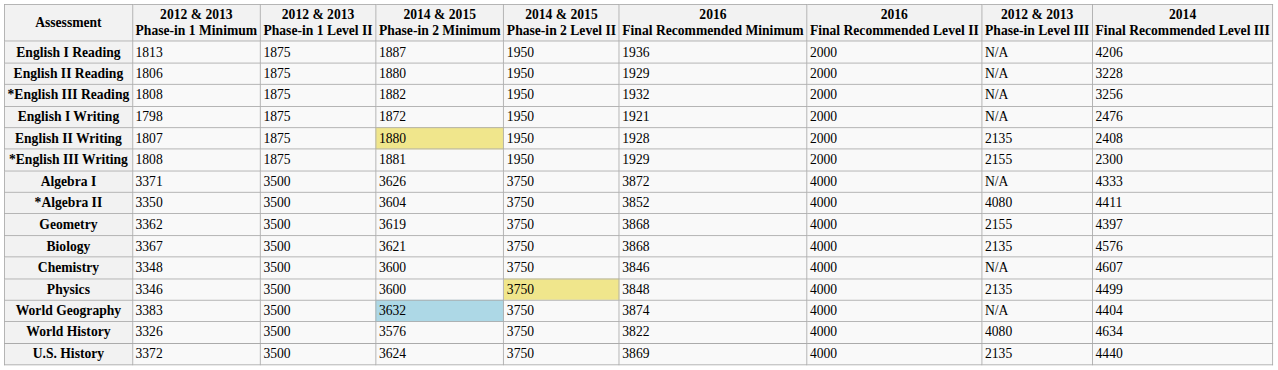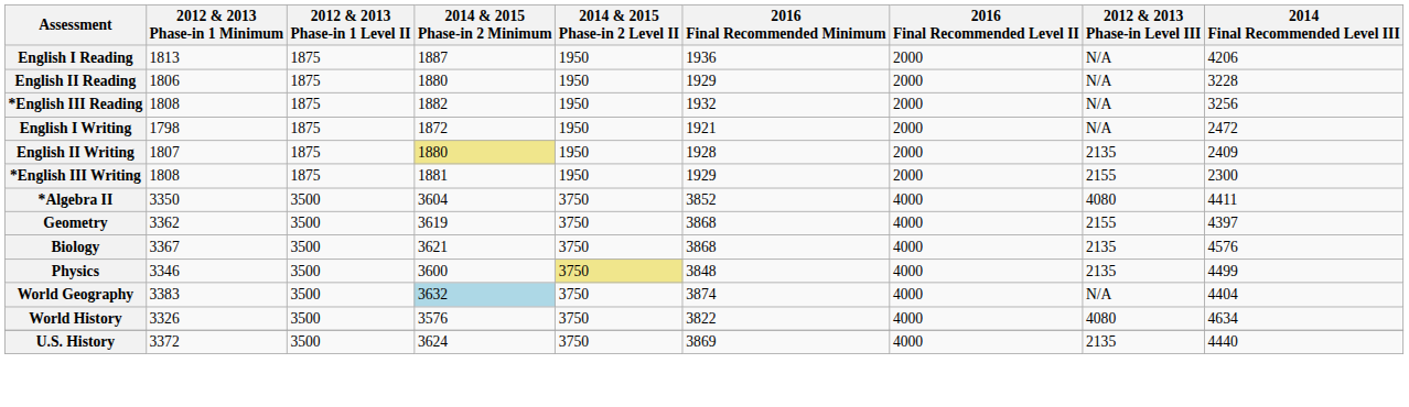 <table class="wikitable">
 <tr>
 <th>Assessment</th>
 <th>2012 & 2013<br>Phase-in 1 Minimum</th>
 <th>2012 & 2013<br>Phase-in 1 Level II</th>
 <th>2014 & 2015<br>Phase-in 2 Minimum</th>
 <th>2014 & 2015<br>Phase-in 2 Level II</th>
 <th>2016<br>Final Recommended Minimum</th>
 <th>2016<br>Final Recommended Level II</th>
 <th>2012 & 2013<br>Phase-in Level III</th>
 <th>2014<br>Final Recommended Level III</th>
 </tr>
 <tr>
 <th>English I Reading</th>
 <td>1813</td>
 <td>1875</td>
 <td>1887</td>
 <td>1950</td>
 <td>1936</td>
 <td>2000</td>
 <td>N/A</td>
 <td>4206</td>
 </tr>
 <tr>
 <th>English II Reading</th>
 <td>1806</td>
 <td>1875</td>
 <td>1880</td>
 <td>1950</td>
 <td>1929</td>
 <td>2000</td>
 <td>N/A</td>
 <td>3228</td>
 </tr>
 <tr>
 <th>*English III Reading</th>
 <td>1808</td>
 <td>1875</td>
 <td>1882</td>
 <td>1950</td>
 <td>1932</td>
 <td>2000</td>
 <td>N/A</td>
 <td>3256</td>
 </tr>
 <tr>
 <th>English I Writing</th>
 <td>1798</td>
 <td>1875</td>
 <td>1872</td>
 <td>1950</td>
 <td>1921</td>
 <td>2000</td>
 <td>N/A</td>
-<td>2476</td>
+<td>2472</td>
 </tr>
 <tr>
 <th>English II Writing</th>
 <td>1807</td>
 <td>1875</td>
 <td style="background: khaki;">1880</td>
 <td>1950</td>
 <td>1928</td>
 <td>2000</td>
 <td>2135</td>
-<td>2408</td>
+<td>2409</td>
 </tr>
 <tr>
 <th>*English III Writing</th>
 <td>1808</td>
 <td>1875</td>
 <td>1881</td>
 <td>1950</td>
 <td>1929</td>
 <td>2000</td>
 <td>2155</td>
 <td>2300</td>
-</tr>
-<tr>
-<th>Algebra I</th>
-<td>3371</td>
-<td>3500</td>
-<td>3626</td>
-<td>3750</td>
-<td>3872</td>
-<td>4000</td>
-<td>N/A</td>
-<td>4333</td>
 </tr>
 <tr>
 <th>*Algebra II</th>
 <td>3350</td>
 <td>3500</td>
 <td>3604</td>
 <td>3750</td>
 <td>3852</td>
 <td>4000</td>
 <td>4080</td>
 <td>4411</td>
 </tr>
 <tr>
 <th>Geometry</th>
 <td>3362</td>
 <td>3500</td>
 <td>3619</td>
 <td>3750</td>
 <td>3868</td>
 <td>4000</td>
 <td>2155</td>
 <td>4397</td>
 </tr>
 <tr>
 <th>Biology</th>
 <td>3367</td>
 <td>3500</td>
 <td>3621</td>
 <td>3750</td>
 <td>3868</td>
 <td>4000</td>
 <td>2135</td>
 <td>4576</td>
-</tr>
-<tr>
-<th>Chemistry</th>
-<td>3348</td>
-<td>3500</td>
-<td>3600</td>
-<td>3750</td>
-<td>3846</td>
-<td>4000</td>
-<td>N/A</td>
-<td>4607</td>
 </tr>
 <tr>
 <th>Physics</th>
 <td>3346</td>
 <td>3500</td>
 <td>3600</td>
 <td style="background: khaki;">3750</td>
 <td>3848</td>
 <td>4000</td>
 <td>2135</td>
 <td>4499</td>
 </tr>
 <tr>
 <th>World Geography</th>
 <td>3383</td>
 <td>3500</td>
 <td style="background: lightblue;">3632</td>
 <td>3750</td>
 <td>3874</td>
 <td>4000</td>
 <td>N/A</td>
 <td>4404</td>
 </tr>
 <tr>
 <th>World History</th>
 <td>3326</td>
 <td>3500</td>
 <td>3576</td>
 <td>3750</td>
 <td>3822</td>
 <td>4000</td>
 <td>4080</td>
 <td>4634</td>
 </tr>
 <tr>
 </tr>
 <tr>
 <th>U.S. History</th>
 <td>3372</td>
 <td>3500</td>
 <td>3624</td>
 <td>3750</td>
 <td>3869</td>
 <td>4000</td>
 <td>2135</td>
 <td>4440</td>
 </tr>
 </table>
